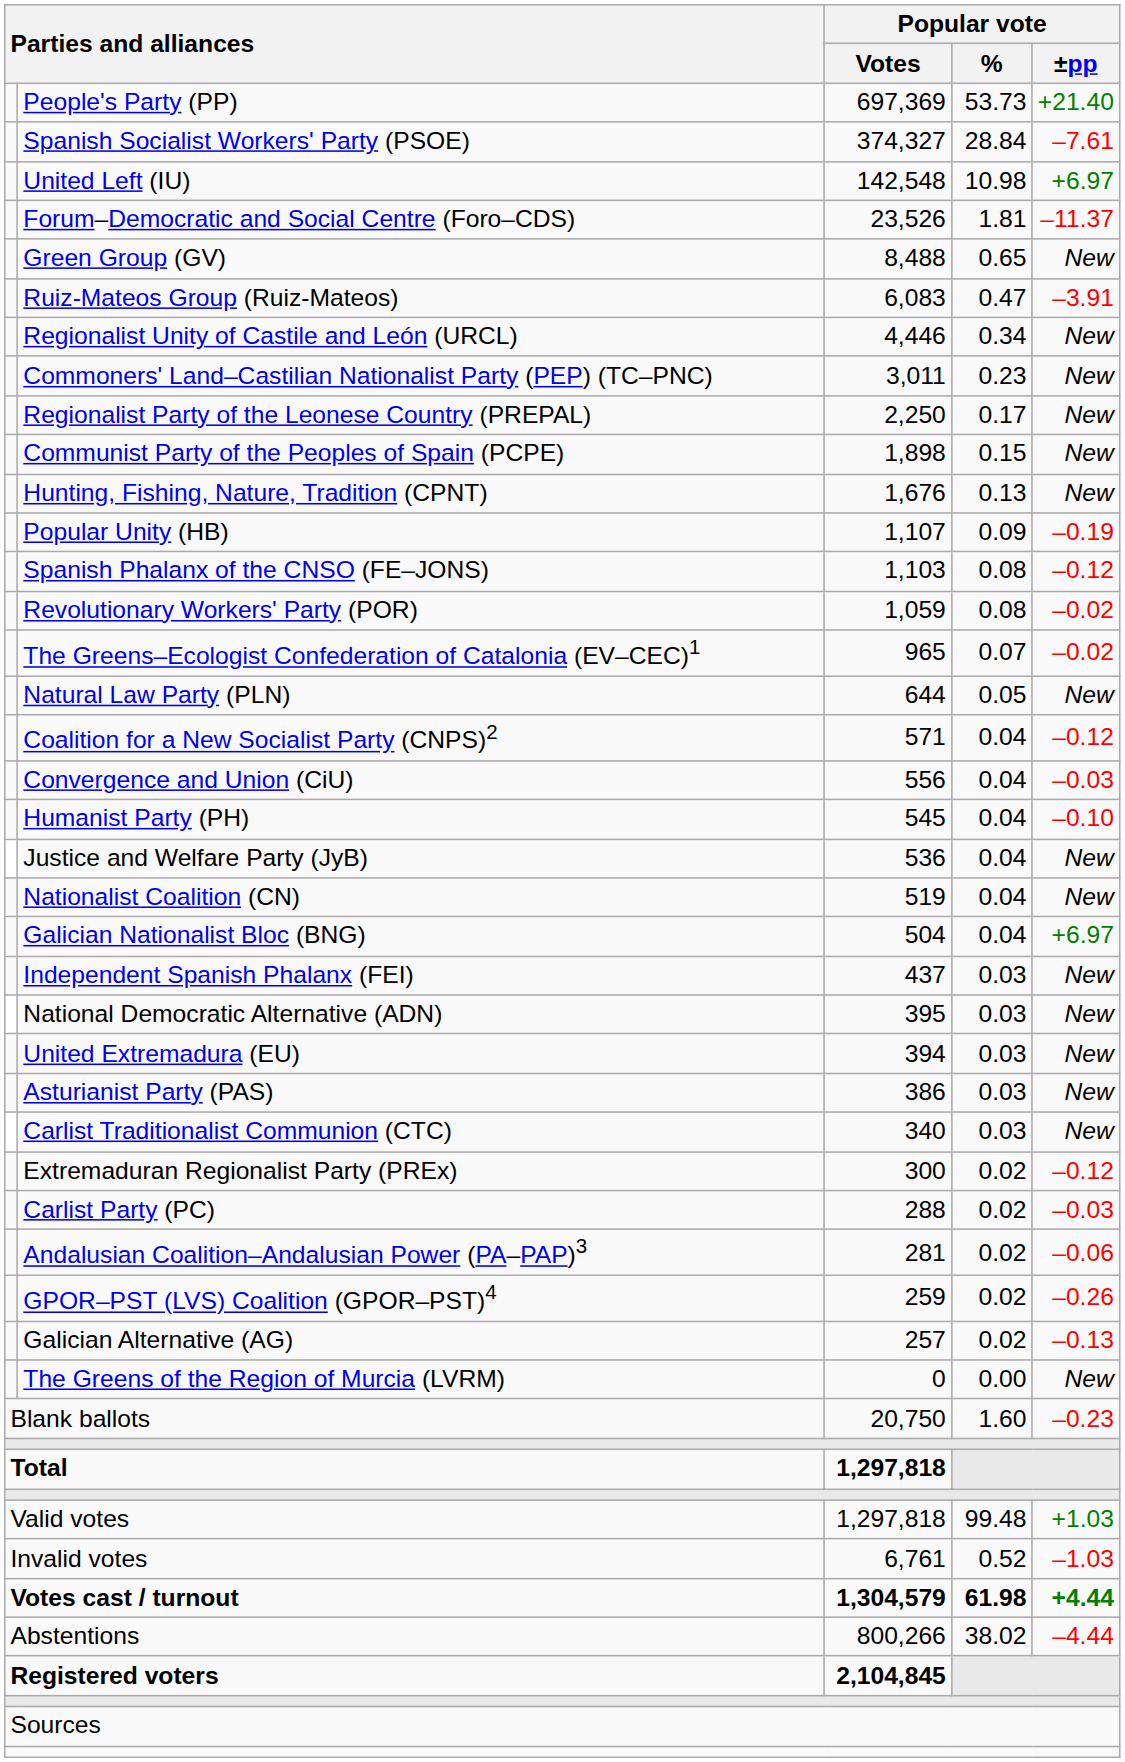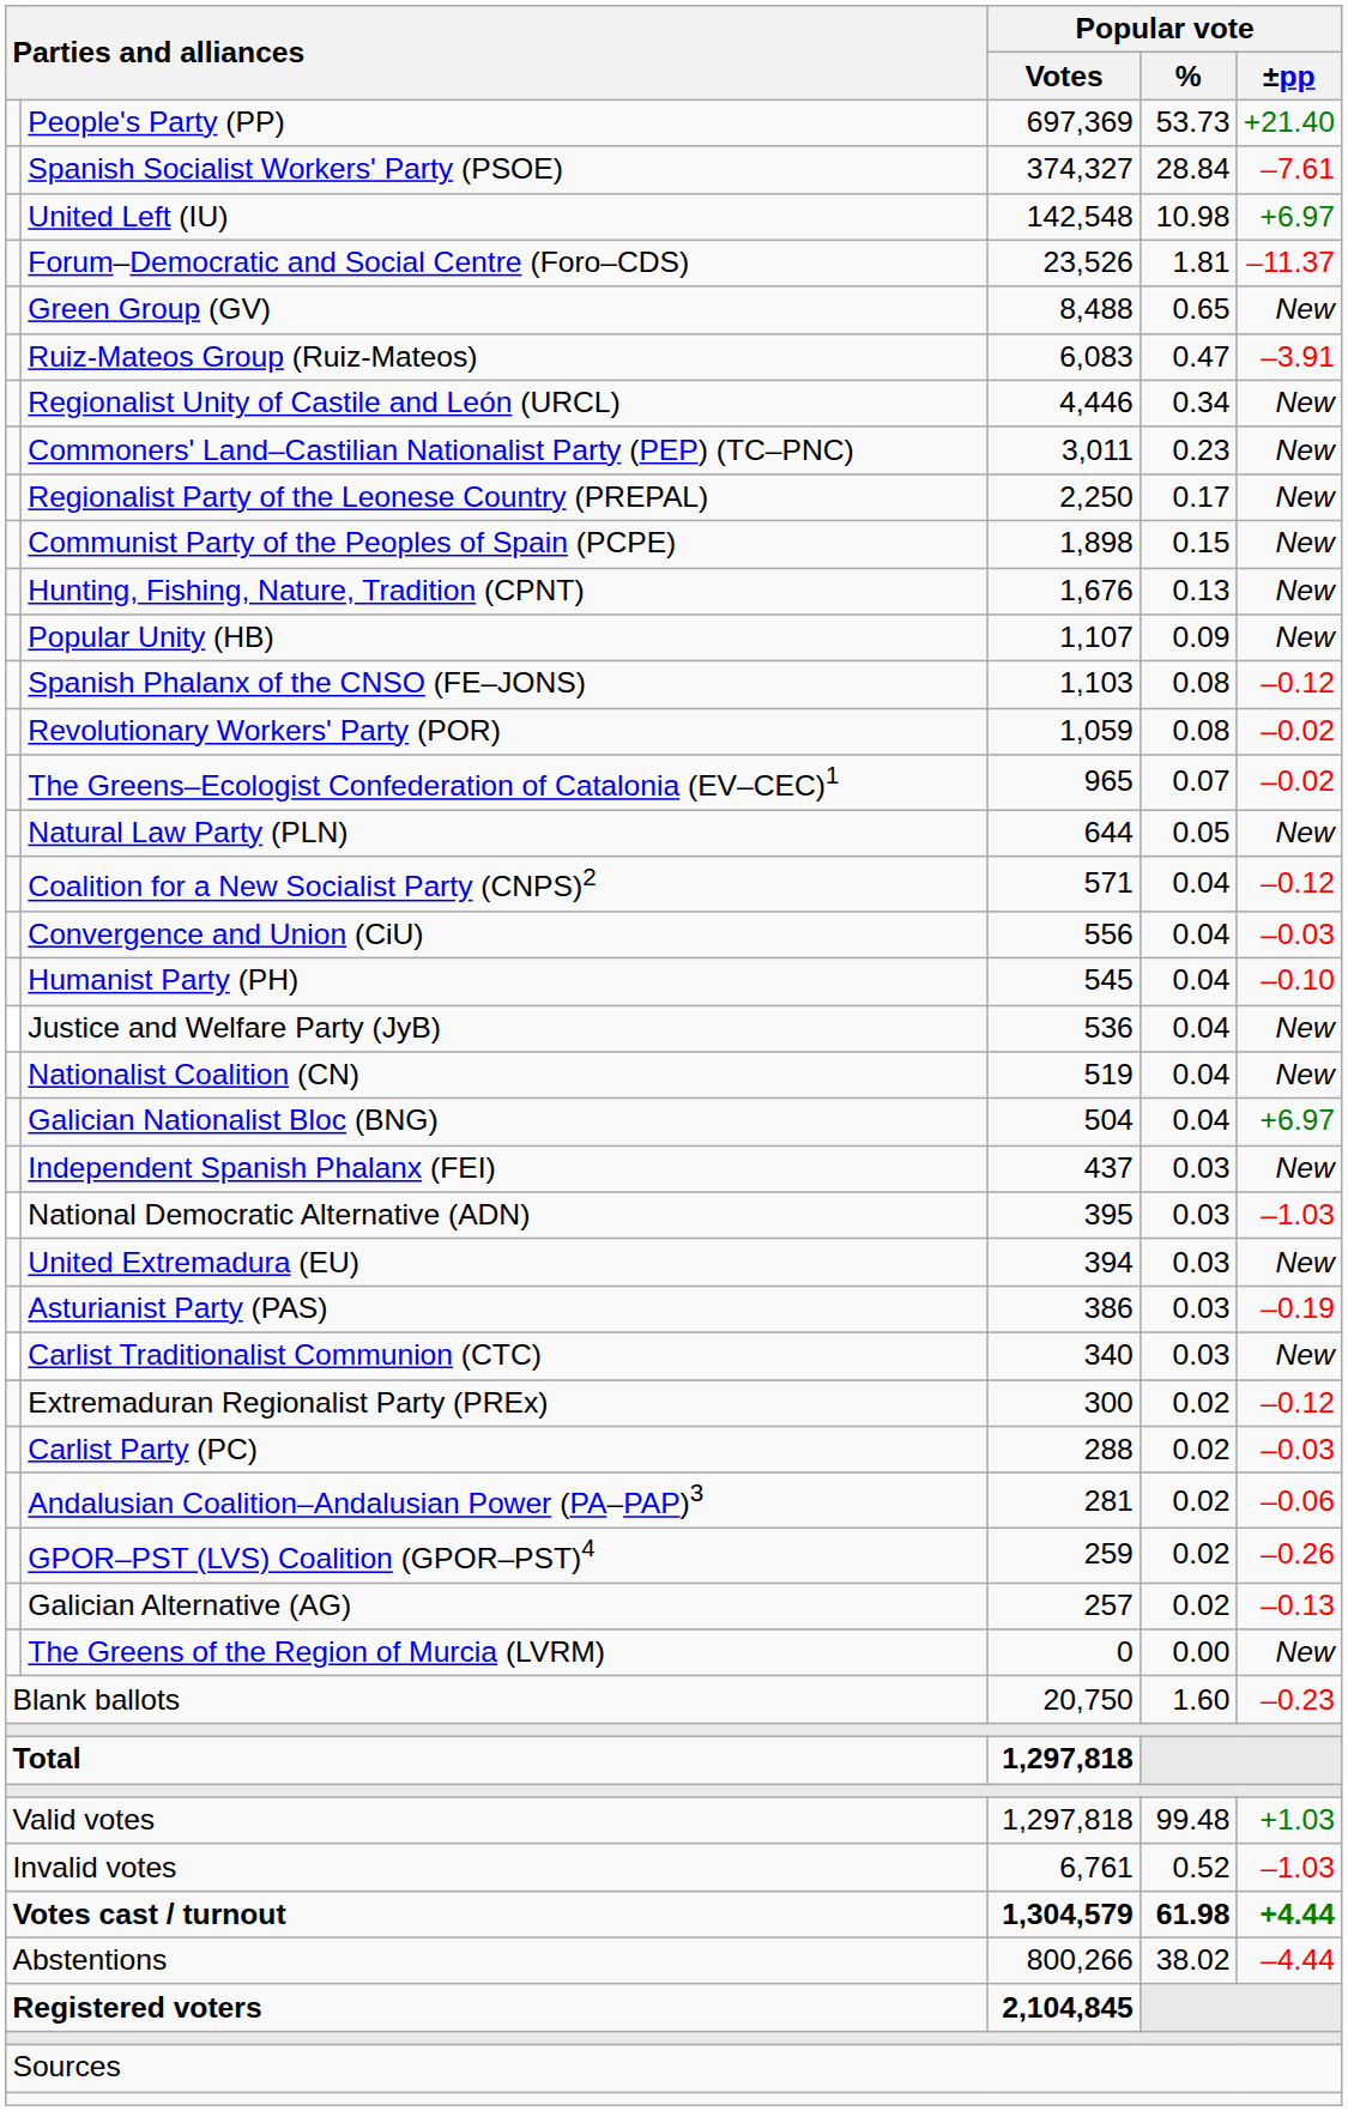 <table class="wikitable" style="text-align:right">
 <tr>
 <th style="text-align:left;" rowspan="2" colspan="2" width="525">Parties and alliances</th>
 <th colspan="3">Popular vote</th>
 </tr>
 <tr>
 <th width="75">Votes</th>
 <th width="45">%</th>
 <th width="45">±<a href='#'>pp</a></th>
 </tr>
 <tr>
 <td width="1" style="color:inherit;background:"></td>
 <td align="left"><a href='#'>People's Party</a> (PP)</td>
 <td>697,369</td>
 <td>53.73</td>
 <td style="color:green;">+21.40</td>
 </tr>
 <tr>
 <td style="color:inherit;background:"></td>
 <td align="left"><a href='#'>Spanish Socialist Workers' Party</a> (PSOE)</td>
 <td>374,327</td>
 <td>28.84</td>
 <td style="color:red;">–7.61</td>
 </tr>
 <tr>
 <td style="color:inherit;background:"></td>
 <td align="left"><a href='#'>United Left</a> (IU)</td>
 <td>142,548</td>
 <td>10.98</td>
 <td style="color:green;">+6.97</td>
 </tr>
 <tr>
 <td style="color:inherit;background:"></td>
 <td align="left"><a href='#'>Forum</a>–<a href='#'>Democratic and Social Centre</a> (Foro–CDS)</td>
 <td>23,526</td>
 <td>1.81</td>
 <td style="color:red;">–11.37</td>
 </tr>
 <tr>
 <td style="color:inherit;background:"></td>
 <td align="left"><a href='#'>Green Group</a> (GV)</td>
 <td>8,488</td>
 <td>0.65</td>
 <td><em>New</em></td>
 </tr>
 <tr>
 <td style="color:inherit;background:"></td>
 <td align="left"><a href='#'>Ruiz-Mateos Group</a> (Ruiz-Mateos)</td>
 <td>6,083</td>
 <td>0.47</td>
 <td style="color:red;">–3.91</td>
 </tr>
 <tr>
 <td style="color:inherit;background:"></td>
 <td align="left"><a href='#'>Regionalist Unity of Castile and León</a> (URCL)</td>
 <td>4,446</td>
 <td>0.34</td>
 <td><em>New</em></td>
 </tr>
 <tr>
 <td style="color:inherit;background:"></td>
 <td align="left"><a href='#'>Commoners' Land–Castilian Nationalist Party</a> (<a href='#'>PEP</a>) (TC–PNC)</td>
 <td>3,011</td>
 <td>0.23</td>
 <td><em>New</em></td>
 </tr>
 <tr>
 <td style="color:inherit;background:"></td>
 <td align="left"><a href='#'>Regionalist Party of the Leonese Country</a> (PREPAL)</td>
 <td>2,250</td>
 <td>0.17</td>
 <td><em>New</em></td>
 </tr>
 <tr>
 <td style="color:inherit;background:"></td>
 <td align="left"><a href='#'>Communist Party of the Peoples of Spain</a> (PCPE)</td>
 <td>1,898</td>
 <td>0.15</td>
 <td><em>New</em></td>
 </tr>
 <tr>
 <td style="color:inherit;background:"></td>
 <td align="left"><a href='#'>Hunting, Fishing, Nature, Tradition</a> (CPNT)</td>
 <td>1,676</td>
 <td>0.13</td>
 <td><em>New</em></td>
 </tr>
 <tr>
 <td style="color:inherit;background:"></td>
 <td align="left"><a href='#'>Popular Unity</a> (HB)</td>
 <td>1,107</td>
 <td>0.09</td>
-<td style="color:red;">–0.19</td>
+<td><em>New</em></td>
 </tr>
 <tr>
 <td style="color:inherit;background:"></td>
 <td align="left"><a href='#'>Spanish Phalanx of the CNSO</a> (FE–JONS)</td>
 <td>1,103</td>
 <td>0.08</td>
 <td style="color:red;">–0.12</td>
 </tr>
 <tr>
 <td style="color:inherit;background:"></td>
 <td align="left"><a href='#'>Revolutionary Workers' Party</a> (POR)</td>
 <td>1,059</td>
 <td>0.08</td>
 <td style="color:red;">–0.02</td>
 </tr>
 <tr>
 <td style="color:inherit;background:"></td>
 <td align="left"><a href='#'>The Greens–Ecologist Confederation of Catalonia</a> (EV–CEC)<sup>1</sup></td>
 <td>965</td>
 <td>0.07</td>
 <td style="color:red;">–0.02</td>
 </tr>
 <tr>
 <td style="color:inherit;background:"></td>
 <td align="left"><a href='#'>Natural Law Party</a> (PLN)</td>
 <td>644</td>
 <td>0.05</td>
 <td><em>New</em></td>
 </tr>
 <tr>
 <td style="color:inherit;background:"></td>
 <td align="left"><a href='#'>Coalition for a New Socialist Party</a> (CNPS)<sup>2</sup></td>
 <td>571</td>
 <td>0.04</td>
 <td style="color:red;">–0.12</td>
 </tr>
 <tr>
 <td style="color:inherit;background:"></td>
 <td align="left"><a href='#'>Convergence and Union</a> (CiU)</td>
 <td>556</td>
 <td>0.04</td>
 <td style="color:red;">–0.03</td>
 </tr>
 <tr>
 <td style="color:inherit;background:"></td>
 <td align="left"><a href='#'>Humanist Party</a> (PH)</td>
 <td>545</td>
 <td>0.04</td>
 <td style="color:red;">–0.10</td>
 </tr>
 <tr>
 <td bgcolor="white"></td>
 <td align="left">Justice and Welfare Party (JyB)</td>
 <td>536</td>
 <td>0.04</td>
 <td><em>New</em></td>
 </tr>
 <tr>
 <td style="color:inherit;background:"></td>
 <td align="left"><a href='#'>Nationalist Coalition</a> (CN)</td>
 <td>519</td>
 <td>0.04</td>
 <td><em>New</em></td>
 </tr>
 <tr>
 <td style="color:inherit;background:"></td>
 <td align="left"><a href='#'>Galician Nationalist Bloc</a> (BNG)</td>
 <td>504</td>
 <td>0.04</td>
 <td style="color:green;">+6.97</td>
 </tr>
 <tr>
 <td style="color:inherit;background:"></td>
 <td align="left"><a href='#'>Independent Spanish Phalanx</a> (FEI)</td>
 <td>437</td>
 <td>0.03</td>
 <td><em>New</em></td>
 </tr>
 <tr>
 <td bgcolor="white"></td>
 <td align="left">National Democratic Alternative (ADN)</td>
 <td>395</td>
 <td>0.03</td>
-<td><em>New</em></td>
+<td style="color:red;">–1.03</td>
 </tr>
 <tr>
 <td style="color:inherit;background:"></td>
 <td align="left"><a href='#'>United Extremadura</a> (EU)</td>
 <td>394</td>
 <td>0.03</td>
 <td><em>New</em></td>
 </tr>
 <tr>
 <td style="color:inherit;background:"></td>
 <td align="left"><a href='#'>Asturianist Party</a> (PAS)</td>
 <td>386</td>
 <td>0.03</td>
-<td><em>New</em></td>
+<td style="color:red;">–0.19</td>
 </tr>
 <tr>
 <td bgcolor="white"></td>
 <td align="left"><a href='#'>Carlist Traditionalist Communion</a> (CTC)</td>
 <td>340</td>
 <td>0.03</td>
 <td><em>New</em></td>
 </tr>
 <tr>
 <td style="color:inherit;background:"></td>
 <td align="left">Extremaduran Regionalist Party (PREx)</td>
 <td>300</td>
 <td>0.02</td>
 <td style="color:red;">–0.12</td>
 </tr>
 <tr>
 <td style="color:inherit;background:"></td>
 <td align="left"><a href='#'>Carlist Party</a> (PC)</td>
 <td>288</td>
 <td>0.02</td>
 <td style="color:red;">–0.03</td>
 </tr>
 <tr>
 <td style="color:inherit;background:"></td>
 <td align="left"><a href='#'>Andalusian Coalition–Andalusian Power</a> (<a href='#'>PA</a>–<a href='#'>PAP</a>)<sup>3</sup></td>
 <td>281</td>
 <td>0.02</td>
 <td style="color:red;">–0.06</td>
 </tr>
 <tr>
 <td style="color:inherit;background:"></td>
 <td align="left"><a href='#'>GPOR–PST (LVS) Coalition</a> (GPOR–PST)<sup>4</sup></td>
 <td>259</td>
 <td>0.02</td>
 <td style="color:red;">–0.26</td>
 </tr>
 <tr>
 <td style="color:inherit;background:"></td>
 <td align="left">Galician Alternative (AG)</td>
 <td>257</td>
 <td>0.02</td>
 <td style="color:red;">–0.13</td>
 </tr>
 <tr>
 <td style="color:inherit;background:"></td>
 <td align="left"><a href='#'>The Greens of the Region of Murcia</a> (LVRM)</td>
 <td>0</td>
 <td>0.00</td>
 <td><em>New</em></td>
 </tr>
 <tr>
 <td align="left" colspan="2">Blank ballots</td>
 <td>20,750</td>
 <td>1.60</td>
 <td style="color:red;">–0.23</td>
 </tr>
 <tr>
 <td colspan="5" bgcolor="#E9E9E9"></td>
 </tr>
 <tr style="font-weight:bold;">
 <td align="left" colspan="2">Total</td>
 <td>1,297,818</td>
 <td bgcolor="#E9E9E9" colspan="2"></td>
 </tr>
 <tr>
 <td colspan="5" bgcolor="#E9E9E9"></td>
 </tr>
 <tr>
 <td align="left" colspan="2">Valid votes</td>
 <td>1,297,818</td>
 <td>99.48</td>
 <td style="color:green;">+1.03</td>
 </tr>
 <tr>
 <td align="left" colspan="2">Invalid votes</td>
 <td>6,761</td>
 <td>0.52</td>
 <td style="color:red;">–1.03</td>
 </tr>
 <tr style="font-weight:bold;">
 <td align="left" colspan="2">Votes cast / turnout</td>
 <td>1,304,579</td>
 <td>61.98</td>
 <td style="color:green;">+4.44</td>
 </tr>
 <tr>
 <td align="left" colspan="2">Abstentions</td>
 <td>800,266</td>
 <td>38.02</td>
 <td style="color:red;">–4.44</td>
 </tr>
 <tr style="font-weight:bold;">
 <td align="left" colspan="2">Registered voters</td>
 <td>2,104,845</td>
 <td bgcolor="#E9E9E9" colspan="2"></td>
 </tr>
 <tr>
 <td colspan="5" bgcolor="#E9E9E9"></td>
 </tr>
 <tr>
 <td align="left" colspan="5">Sources</td>
 </tr>
 <tr>
 <td colspan="5" style="text-align:left; max-width:680px;"></td>
 </tr>
 </table>
